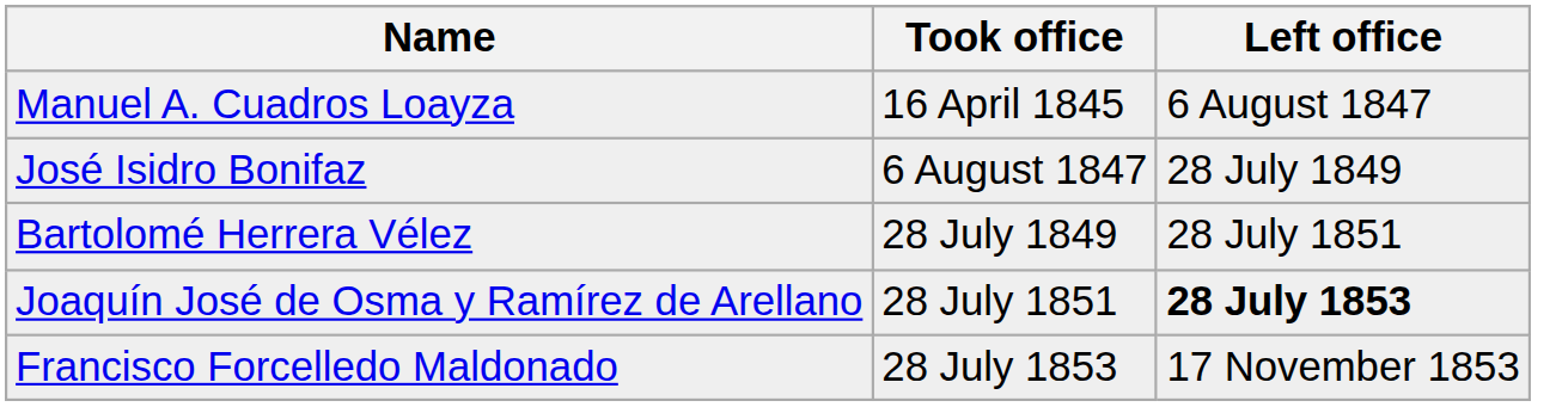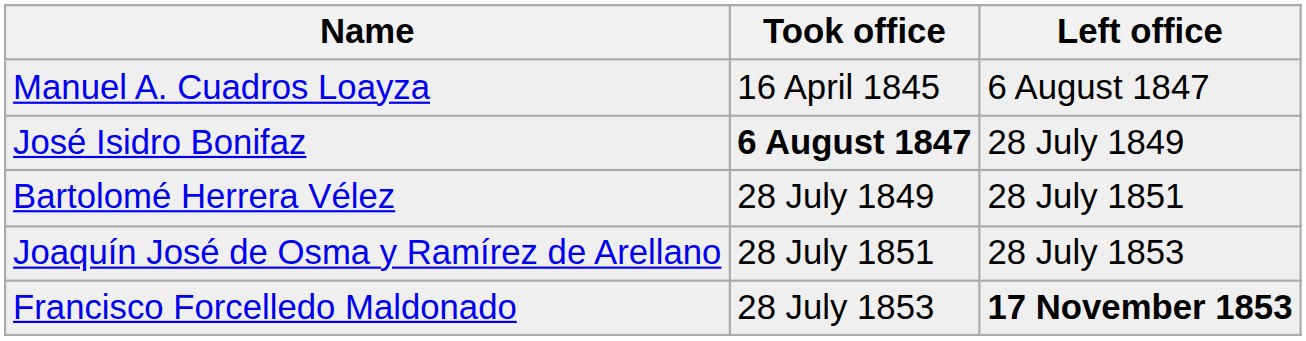 <table class="wikitable">
 <tr>
 </tr>
 <tr>
 <th>Name</th>
 <th>Took office</th>
 <th>Left office</th>
 </tr>
 <tr bgcolor="efefef">
 <td><a href='#'>Manuel A. Cuadros Loayza</a></td>
 <td>16 April 1845</td>
 <td>6 August 1847</td>
 </tr>
 <tr bgcolor="efefef">
 <td><a href='#'>José Isidro Bonifaz</a></td>
-<td>6 August 1847</td>
+<td><strong>6 August 1847</strong></td>
 <td>28 July 1849</td>
 </tr>
 <tr bgcolor="efefef">
 <td><a href='#'>Bartolomé Herrera Vélez</a></td>
 <td>28 July 1849</td>
 <td>28 July 1851</td>
 </tr>
 <tr bgcolor="efefef">
 <td><a href='#'>Joaquín José de Osma y Ramírez de Arellano</a></td>
 <td>28 July 1851</td>
-<td><strong>28 July 1853</strong></td>
+<td>28 July 1853</td>
 </tr>
 <tr bgcolor="efefef">
 <td><a href='#'>Francisco Forcelledo Maldonado</a></td>
 <td>28 July 1853</td>
-<td>17 November 1853</td>
+<td><strong>17 November 1853</strong></td>
 </tr>
 </table>
